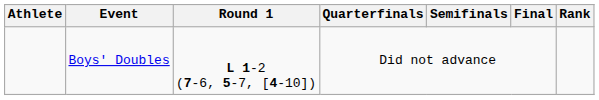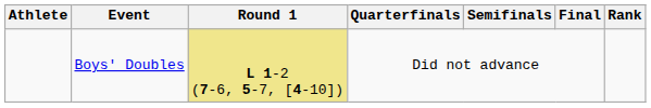 <table class=wikitable style="font-size:90%">
 <tr>
 <th>Athlete</th>
 <th>Event</th>
 <th>Round 1</th>
 <th>Quarterfinals</th>
 <th>Semifinals</th>
 <th>Final</th>
 <th>Rank</th>
 </tr>
 <tr>
 <td> <br></td>
 <td><a href='#'>Boys' Doubles</a></td>
-<td align=center><br><br><strong>L</strong> <strong>1</strong>-2<br> (<strong>7</strong>-6, <strong>5</strong>-7, [<strong>4</strong>-10])</td>
+<td align=center style="background: khaki;"><br><br><strong>L</strong> <strong>1</strong>-2<br> (<strong>7</strong>-6, <strong>5</strong>-7, [<strong>4</strong>-10])</td>
 <td colspan=3 align=center>Did not advance</td>
 <td align=center></td>
 </tr>
 </table>
